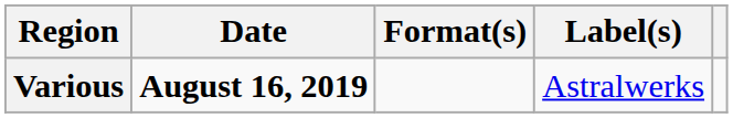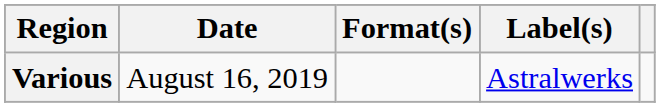 <table class="wikitable plainrowheaders">
 <tr>
 <th scope="col">Region</th>
 <th scope="col">Date</th>
 <th scope="col">Format(s)</th>
 <th scope="col">Label(s)</th>
 <th scope="col"></th>
 </tr>
 <tr>
 <th scope="row">Various</th>
-<td><strong>August 16, 2019</strong></td>
+<td>August 16, 2019</td>
 <td></td>
 <td rowspan="2"><a href='#'>Astralwerks</a></td>
 <td style="text-align:center;"></td>
 </tr>
 </table>
